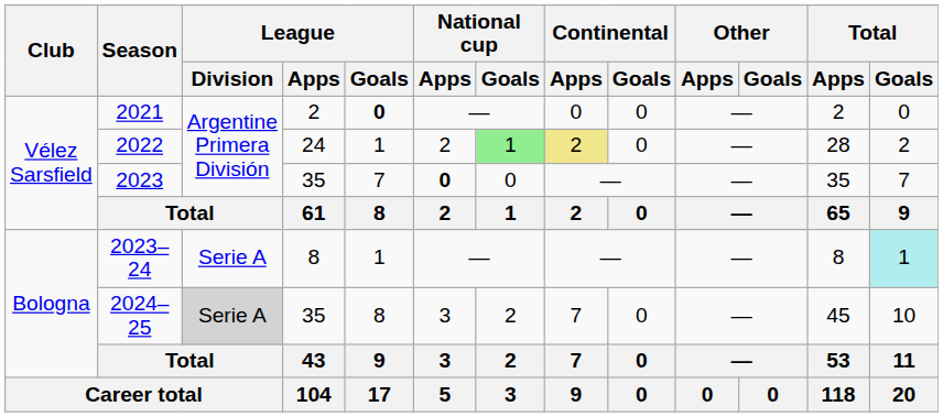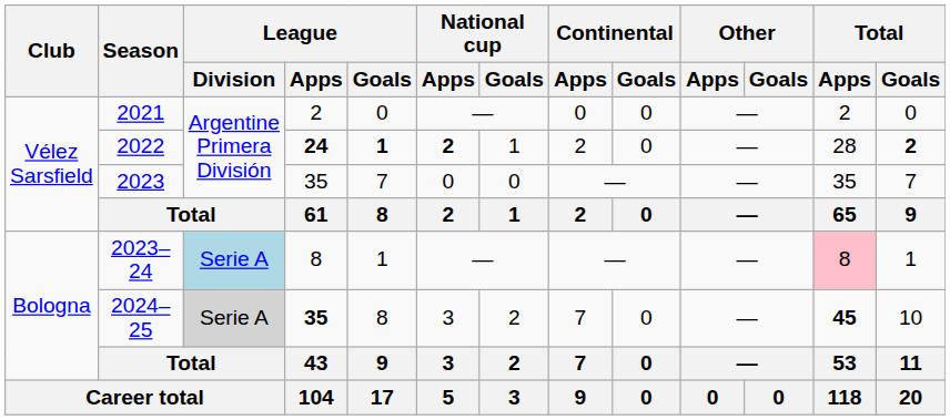 <table class="wikitable" style="text-align:center">
 <tr>
 <th rowspan="2">Club</th>
 <th rowspan="2">Season</th>
 <th colspan="3">League</th>
 <th colspan="2">National cup</th>
 <th colspan="2">Continental</th>
 <th colspan="2">Other</th>
 <th colspan="2">Total</th>
 </tr>
 <tr>
 <th>Division</th>
 <th>Apps</th>
 <th>Goals</th>
 <th>Apps</th>
 <th>Goals</th>
 <th>Apps</th>
 <th>Goals</th>
 <th>Apps</th>
 <th>Goals</th>
 <th>Apps</th>
 <th>Goals</th>
 </tr>
 <tr>
 <td rowspan="4"><a href='#'>Vélez Sarsfield</a></td>
 <td><a href='#'>2021</a></td>
 <td rowspan="3"><a href='#'>Argentine Primera División</a></td>
 <td>2</td>
-<td><strong>0</strong></td>
+<td>0</td>
 <td colspan="2">—</td>
 <td>0</td>
 <td>0</td>
 <td colspan="2">—</td>
 <td>2</td>
 <td>0</td>
 </tr>
 <tr>
 <td><a href='#'>2022</a></td>
-<td>24</td>
+<td><strong>24</strong></td>
+<td><strong>1</strong></td>
+<td><strong>2</strong></td>
 <td>1</td>
 <td>2</td>
-<td style="background: lightgreen;">1</td>
-<td style="background: khaki;">2</td>
 <td>0</td>
 <td colspan="2">—</td>
 <td>28</td>
-<td>2</td>
+<td><strong>2</strong></td>
 </tr>
 <tr>
 <td><a href='#'>2023</a></td>
 <td>35</td>
 <td>7</td>
-<td><strong>0</strong></td>
+<td>0</td>
 <td>0</td>
 <td colspan="2">—</td>
 <td colspan="2">—</td>
 <td>35</td>
 <td>7</td>
 </tr>
 <tr>
 <th colspan="2">Total</th>
 <th>61</th>
 <th>8</th>
 <th>2</th>
 <th>1</th>
 <th>2</th>
 <th>0</th>
 <th colspan="2">—</th>
 <th>65</th>
 <th>9</th>
 </tr>
 <tr>
 <td rowspan="3"><a href='#'>Bologna</a></td>
 <td><a href='#'>2023–24</a></td>
-<td><a href='#'>Serie A</a></td>
+<td style="background: lightblue;"><a href='#'>Serie A</a></td>
 <td>8</td>
 <td>1</td>
 <td colspan="2">—</td>
 <td colspan="2">—</td>
 <td colspan="2">—</td>
-<td>8</td>
-<td style="background: paleturquoise;">1</td>
+<td style="background: pink;">8</td>
+<td>1</td>
 </tr>
 <tr>
 <td><a href='#'>2024–25</a></td>
 <td style="background: lightgrey;">Serie A</td>
-<td>35</td>
+<td><strong>35</strong></td>
 <td>8</td>
 <td>3</td>
 <td>2</td>
 <td>7</td>
 <td>0</td>
 <td colspan="2">—</td>
-<td>45</td>
+<td><strong>45</strong></td>
 <td>10</td>
 </tr>
 <tr>
 <th colspan="2">Total</th>
 <th>43</th>
 <th>9</th>
 <th>3</th>
 <th>2</th>
 <th>7</th>
 <th>0</th>
 <th colspan="2">—</th>
 <th>53</th>
 <th>11</th>
 </tr>
 <tr>
 <th colspan="3">Career total</th>
 <th>104</th>
 <th>17</th>
 <th>5</th>
 <th>3</th>
 <th>9</th>
 <th>0</th>
 <th>0</th>
 <th>0</th>
 <th>118</th>
 <th>20</th>
 </tr>
 </table>
